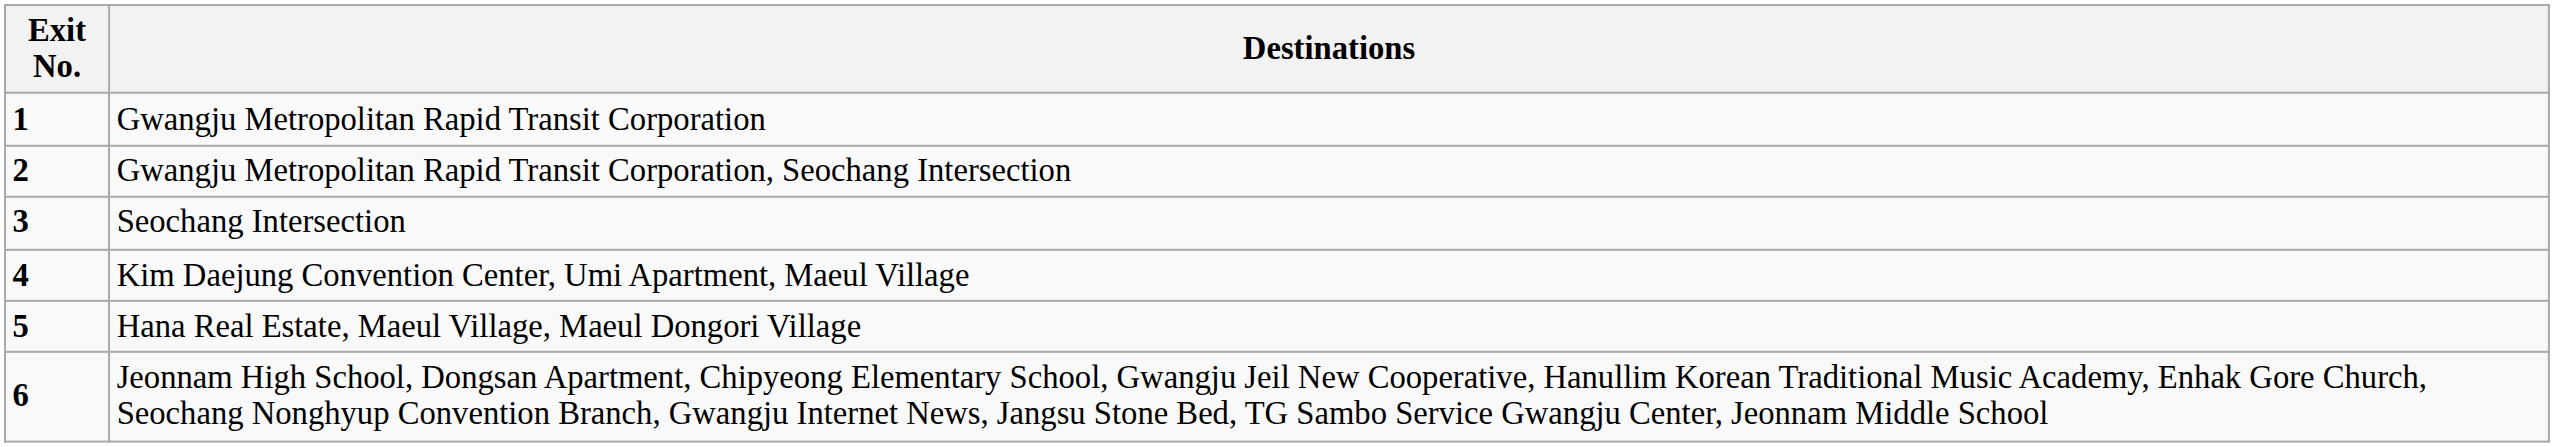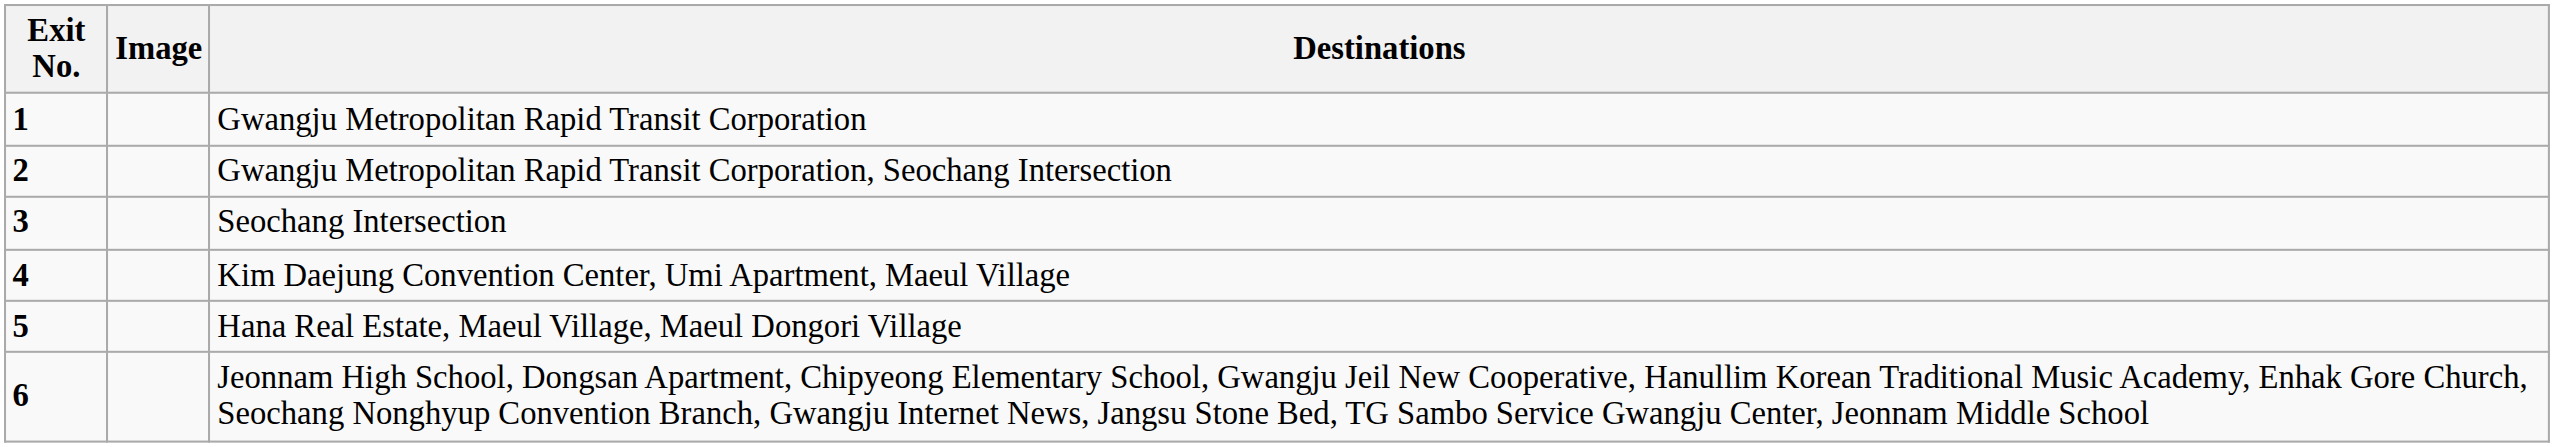 <table class="wikitable">
 <tr>
 <th>Exit No.</th>
+<th>Image</th>
 <th>Destinations</th>
 </tr>
 <tr>
 <td><strong>1</strong></td>
+<td></td>
 <td>Gwangju Metropolitan Rapid Transit Corporation</td>
 </tr>
 <tr>
 <td><strong>2</strong></td>
+<td></td>
 <td>Gwangju Metropolitan Rapid Transit Corporation, Seochang Intersection</td>
 </tr>
 <tr>
 <td><strong>3</strong></td>
+<td></td>
 <td>Seochang Intersection</td>
 </tr>
 <tr>
 <td><strong>4</strong></td>
+<td></td>
 <td>Kim Daejung Convention Center, Umi Apartment, Maeul Village</td>
 </tr>
 <tr>
 <td><strong>5</strong></td>
+<td></td>
 <td>Hana Real Estate, Maeul Village, Maeul Dongori Village</td>
 </tr>
 <tr>
 <td><strong>6</strong></td>
+<td></td>
 <td>Jeonnam High School, Dongsan Apartment, Chipyeong Elementary School, Gwangju Jeil New Cooperative, Hanullim Korean Traditional Music Academy, Enhak Gore Church, Seochang Nonghyup Convention Branch, Gwangju Internet News, Jangsu Stone Bed, TG Sambo Service Gwangju Center, Jeonnam Middle School</td>
 </tr>
 </table>
